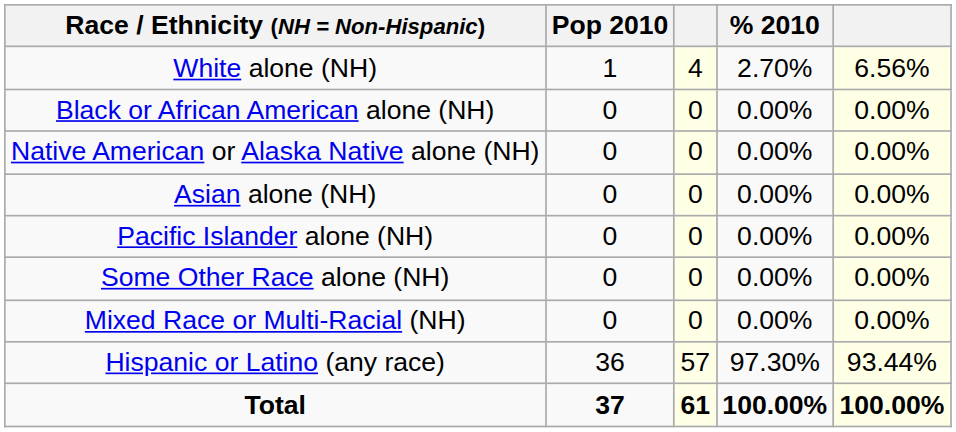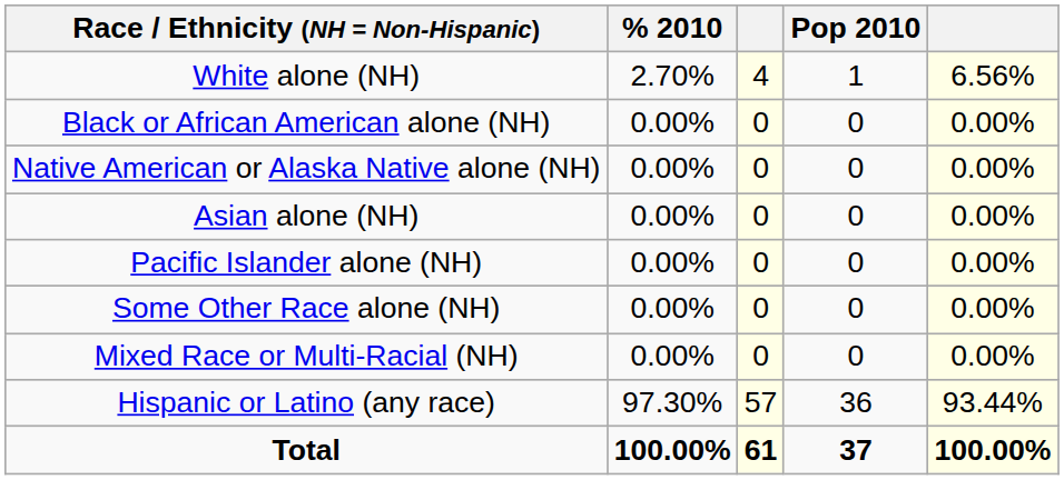 <table class="wikitable" style="text-align:center;">
 <tr>
 <th>Race / Ethnicity <small>(<em>NH = Non-Hispanic</em>)</small></th>
+<th>% 2010</th>
+<th></th>
 <th>Pop 2010</th>
-<th></th>
-<th>% 2010</th>
 <th></th>
 </tr>
 <tr>
 <td><a href='#'>White</a> alone (NH)</td>
+<td>2.70%</td>
+<td style='background: #ffffe6;'>4</td>
 <td>1</td>
-<td style='background: #ffffe6;'>4</td>
-<td>2.70%</td>
 <td style='background: #ffffe6;'>6.56%</td>
 </tr>
 <tr>
 <td><a href='#'>Black or African American</a> alone (NH)</td>
+<td>0.00%</td>
+<td style='background: #ffffe6;'>0</td>
 <td>0</td>
-<td style='background: #ffffe6;'>0</td>
-<td>0.00%</td>
 <td style='background: #ffffe6;'>0.00%</td>
 </tr>
 <tr>
 <td><a href='#'>Native American</a> or <a href='#'>Alaska Native</a> alone (NH)</td>
+<td>0.00%</td>
+<td style='background: #ffffe6;'>0</td>
 <td>0</td>
-<td style='background: #ffffe6;'>0</td>
-<td>0.00%</td>
 <td style='background: #ffffe6;'>0.00%</td>
 </tr>
 <tr>
 <td><a href='#'>Asian</a> alone (NH)</td>
+<td>0.00%</td>
+<td style='background: #ffffe6;'>0</td>
 <td>0</td>
-<td style='background: #ffffe6;'>0</td>
-<td>0.00%</td>
 <td style='background: #ffffe6;'>0.00%</td>
 </tr>
 <tr>
 <td><a href='#'>Pacific Islander</a> alone (NH)</td>
+<td>0.00%</td>
+<td style='background: #ffffe6;'>0</td>
 <td>0</td>
-<td style='background: #ffffe6;'>0</td>
-<td>0.00%</td>
 <td style='background: #ffffe6;'>0.00%</td>
 </tr>
 <tr>
 <td><a href='#'>Some Other Race</a> alone (NH)</td>
+<td>0.00%</td>
+<td style='background: #ffffe6;'>0</td>
 <td>0</td>
-<td style='background: #ffffe6;'>0</td>
-<td>0.00%</td>
 <td style='background: #ffffe6;'>0.00%</td>
 </tr>
 <tr>
 <td><a href='#'>Mixed Race or Multi-Racial</a> (NH)</td>
+<td>0.00%</td>
+<td style='background: #ffffe6;'>0</td>
 <td>0</td>
-<td style='background: #ffffe6;'>0</td>
-<td>0.00%</td>
 <td style='background: #ffffe6;'>0.00%</td>
 </tr>
 <tr>
 <td><a href='#'>Hispanic or Latino</a> (any race)</td>
+<td>97.30%</td>
+<td style='background: #ffffe6;'>57</td>
 <td>36</td>
-<td style='background: #ffffe6;'>57</td>
-<td>97.30%</td>
 <td style='background: #ffffe6;'>93.44%</td>
 </tr>
 <tr>
 <td><strong>Total</strong></td>
+<td><strong>100.00%</strong></td>
+<td style='background: #ffffe6;'><strong>61</strong></td>
 <td><strong>37</strong></td>
-<td style='background: #ffffe6;'><strong>61</strong></td>
-<td><strong>100.00%</strong></td>
 <td style='background: #ffffe6;'><strong>100.00%</strong></td>
 </tr>
 </table>
